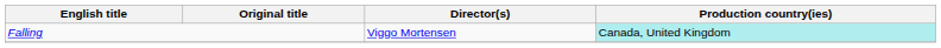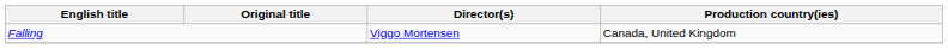 <table class="sortable wikitable" style="width:100%; margin-bottom:4px" cellpadding="5">
 <tr>
 <th scope="col">English title</th>
 <th scope="col">Original title</th>
 <th scope="col">Director(s)</th>
 <th scope="col">Production country(ies)</th>
 </tr>
 <tr>
 <td colspan=2><em><a href='#'>Falling</a></em></td>
 <td><a href='#'>Viggo Mortensen</a></td>
-<td style="background: paleturquoise;">Canada, United Kingdom</td>
+<td>Canada, United Kingdom</td>
 </tr>
 <tr>
 </tr>
 </table>
